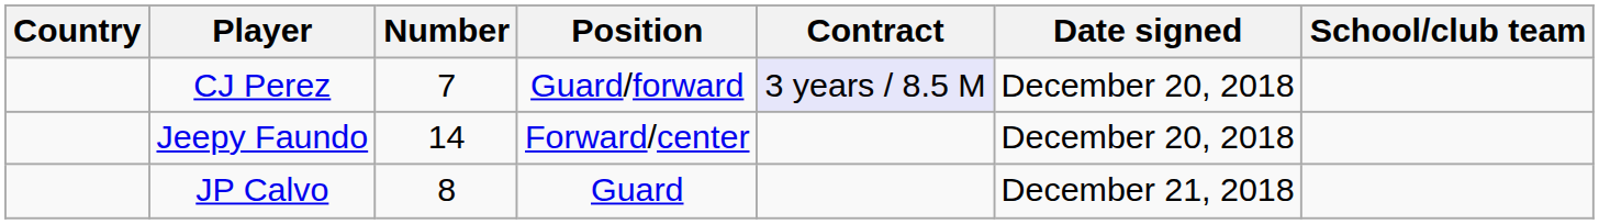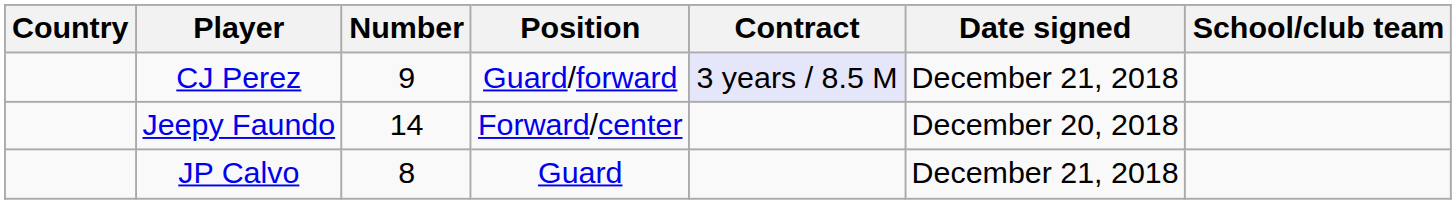 <table class="wikitable sortable sortable">
 <tr>
 <th>Country</th>
 <th>Player</th>
 <th>Number</th>
 <th>Position</th>
 <th>Contract</th>
 <th>Date signed</th>
 <th>School/club team</th>
 </tr>
 <tr>
 <td align=center></td>
 <td align=center><a href='#'>CJ Perez</a></td>
-<td align=center>7</td>
+<td align=center>9</td>
 <td align=center><a href='#'>Guard</a>/<a href='#'>forward</a></td>
 <td align=center style="background: lavender;">3 years / 8.5 M</td>
-<td align=center>December 20, 2018</td>
+<td align=center>December 21, 2018</td>
 <td></td>
 </tr>
 <tr>
 <td align=center></td>
 <td align=center><a href='#'>Jeepy Faundo</a></td>
 <td align=center>14</td>
 <td align=center><a href='#'>Forward</a>/<a href='#'>center</a></td>
 <td></td>
 <td align=center>December 20, 2018</td>
 <td></td>
 </tr>
 <tr>
 <td align=center></td>
 <td align=center><a href='#'>JP Calvo</a></td>
 <td align=center>8</td>
 <td align=center><a href='#'>Guard</a></td>
 <td></td>
 <td align=center>December 21, 2018</td>
 <td></td>
 </tr>
 </table>
